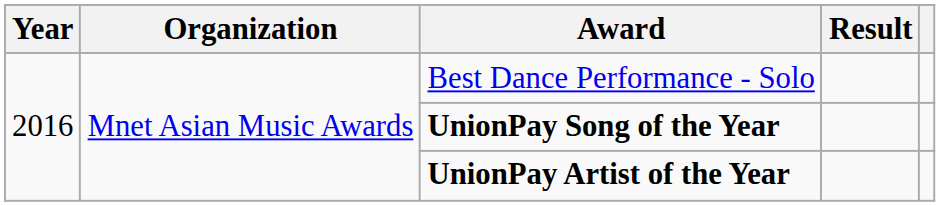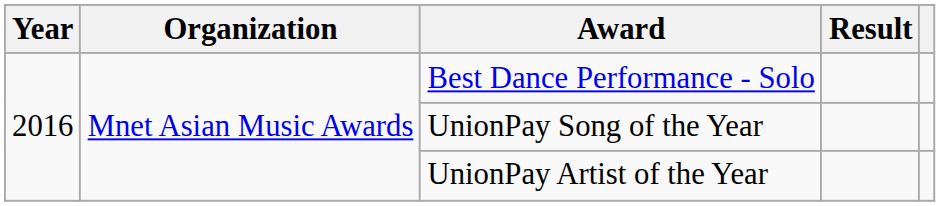 <table class="wikitable plainrowheaders">
 <tr>
 <th scope="col">Year</th>
 <th scope="col">Organization</th>
 <th scope="col">Award</th>
 <th scope="col">Result</th>
 <th class="unsortable"></th>
 </tr>
 <tr>
 <td rowspan="3">2016</td>
 <td rowspan="3"><a href='#'>Mnet Asian Music Awards</a></td>
 <td><a href='#'>Best Dance Performance - Solo</a></td>
 <td></td>
 <td align="center"></td>
 </tr>
 <tr>
-<td><strong>UnionPay Song of the Year</strong></td>
+<td>UnionPay Song of the Year</td>
 <td></td>
 <td align="center"></td>
 </tr>
 <tr>
-<td><strong>UnionPay Artist of the Year</strong></td>
+<td>UnionPay Artist of the Year</td>
 <td></td>
 <td align="center"></td>
 </tr>
 </table>
